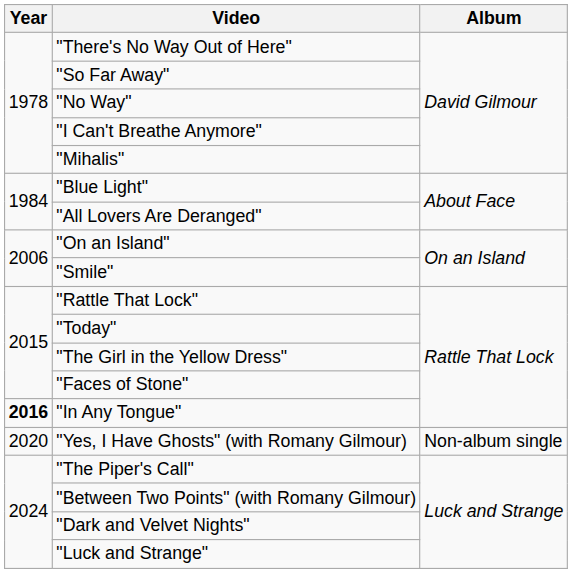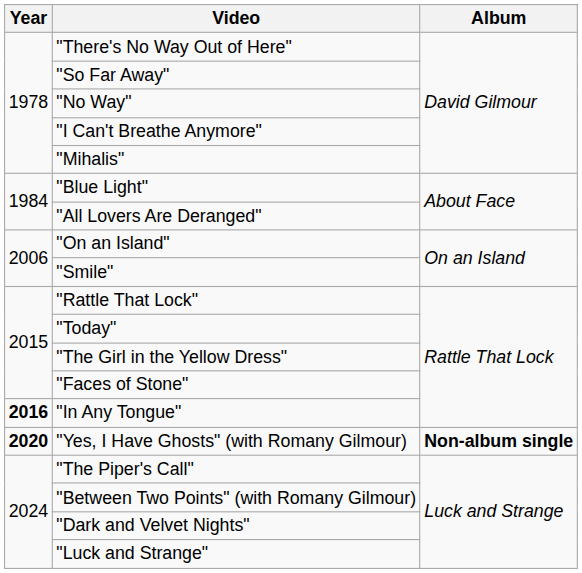 <table class="wikitable">
 <tr>
 <th>Year</th>
 <th>Video</th>
 <th>Album</th>
 </tr>
 <tr>
 <td rowspan="5">1978</td>
 <td>"There's No Way Out of Here"</td>
 <td rowspan="5"><em>David Gilmour</em></td>
 </tr>
 <tr>
 <td>"So Far Away"</td>
 </tr>
 <tr>
 <td>"No Way"</td>
 </tr>
 <tr>
 <td>"I Can't Breathe Anymore"</td>
 </tr>
 <tr>
 <td>"Mihalis"</td>
 </tr>
 <tr>
 <td rowspan="2">1984</td>
 <td>"Blue Light"</td>
 <td rowspan="2"><em>About Face</em></td>
 </tr>
 <tr>
 <td>"All Lovers Are Deranged"</td>
 </tr>
 <tr>
 <td rowspan="2">2006</td>
 <td>"On an Island"</td>
 <td rowspan="2"><em>On an Island</em></td>
 </tr>
 <tr>
 <td>"Smile"</td>
 </tr>
 <tr>
 <td rowspan="4">2015</td>
 <td>"Rattle That Lock"</td>
 <td rowspan="5"><em>Rattle That Lock</em></td>
 </tr>
 <tr>
 <td>"Today"</td>
 </tr>
 <tr>
 <td>"The Girl in the Yellow Dress"</td>
 </tr>
 <tr>
 <td>"Faces of Stone"</td>
 </tr>
 <tr>
 <td><strong>2016</strong></td>
 <td>"In Any Tongue"</td>
 </tr>
 <tr>
-<td>2020</td>
+<td><strong>2020</strong></td>
 <td>"Yes, I Have Ghosts" (with Romany Gilmour)</td>
-<td>Non-album single</td>
+<td><strong>Non-album single</strong></td>
 </tr>
 <tr>
 <td rowspan="4">2024</td>
 <td>"The Piper's Call"</td>
 <td rowspan="4"><em>Luck and Strange</em></td>
 </tr>
 <tr>
 <td>"Between Two Points" (with Romany Gilmour)</td>
 </tr>
 <tr>
 <td>"Dark and Velvet Nights"</td>
 </tr>
 <tr>
 <td>"Luck and Strange"</td>
 </tr>
 </table>
